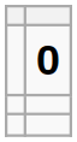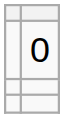 <table class="wikitable">
 <tr>
 <th></th>
 <th></th>
 </tr>
 <tr>
 <td></td>
-<td><strong>0</strong></td>
+<td>0</td>
 </tr>
 <tr>
 <td></td>
 <td></td>
 </tr>
 <tr>
 <td></td>
 <td></td>
 </tr>
 </table>
